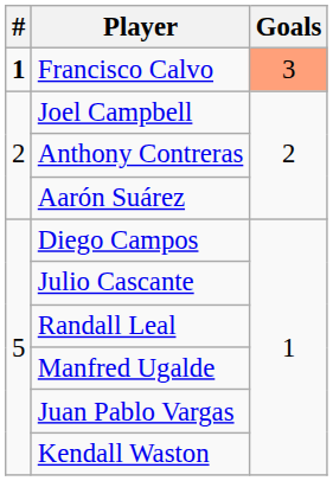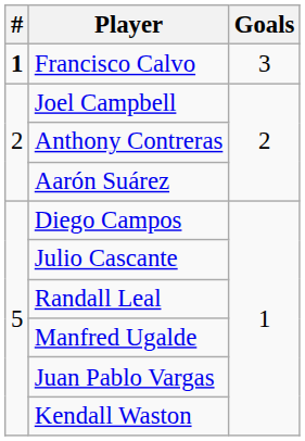 <table class="wikitable">
 <tr>
 <th>#</th>
 <th>Player</th>
 <th>Goals</th>
 </tr>
 <tr align=center>
 <td><strong>1</strong></td>
 <td align=left><a href='#'>Francisco Calvo</a></td>
-<td style="background: lightsalmon;">3</td>
+<td>3</td>
 </tr>
 <tr align=center>
 <td rowspan=3>2</td>
 <td align=left><a href='#'>Joel Campbell</a></td>
 <td rowspan=3>2</td>
 </tr>
 <tr>
 <td><a href='#'>Anthony Contreras</a></td>
 </tr>
 <tr>
 <td><a href='#'>Aarón Suárez</a></td>
 </tr>
 <tr align=center>
 <td rowspan=6>5</td>
 <td align=left><a href='#'>Diego Campos</a></td>
 <td rowspan=6>1</td>
 </tr>
 <tr>
 <td><a href='#'>Julio Cascante</a></td>
 </tr>
 <tr>
 <td><a href='#'>Randall Leal</a></td>
 </tr>
 <tr>
 <td><a href='#'>Manfred Ugalde</a></td>
 </tr>
 <tr>
 <td><a href='#'>Juan Pablo Vargas</a></td>
 </tr>
 <tr>
 <td><a href='#'>Kendall Waston</a></td>
 </tr>
 </table>
